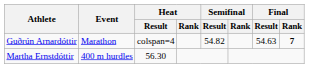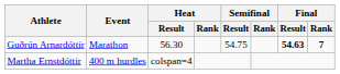 <table class="wikitable" style="font-size:90%">
 <tr>
 <th rowspan="2">Athlete</th>
 <th rowspan="2">Event</th>
 <th colspan="2">Heat</th>
 <th colspan="2">Semifinal</th>
 <th colspan="2">Final</th>
 </tr>
 <tr style="font-size:95%">
 <th>Result</th>
 <th>Rank</th>
 <th>Result</th>
 <th>Rank</th>
 <th>Result</th>
 <th>Rank</th>
 </tr>
 <tr align=center>
 <td align=left><a href='#'>Guðrún Arnardóttir</a></td>
 <td align=left><a href='#'>Marathon</a></td>
-<td>colspan=4 </td>
+<td>56.30</td>
 <td></td>
-<td>54.82</td>
+<td>54.75</td>
 <td></td>
-<td>54.63</td>
+<td><strong>54.63</strong></td>
 <td><strong>7</strong></td>
 </tr>
 <tr align=center>
 <td align=left><a href='#'>Martha Ernstdóttir</a></td>
 <td align=left><a href='#'>400 m hurdles</a></td>
-<td>56.30</td>
+<td>colspan=4 </td>
 <td colspan=2></td>
 </tr>
 </table>
